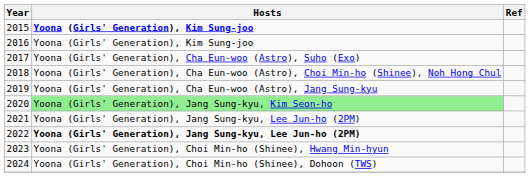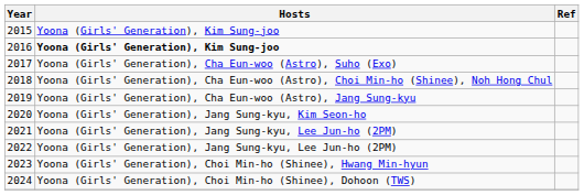 <table class="wikitable">
 <tr>
 <th>Year</th>
 <th>Hosts</th>
 <th>Ref</th>
 </tr>
 <tr>
 <td>2015</td>
-<td><strong><a href='#'>Yoona</a> (<a href='#'>Girls' Generation</a>), <a href='#'>Kim Sung-joo</a></strong></td>
+<td><a href='#'>Yoona</a> (<a href='#'>Girls' Generation</a>), <a href='#'>Kim Sung-joo</a></td>
 <td></td>
 </tr>
 <tr>
 <td>2016</td>
-<td>Yoona (Girls' Generation), Kim Sung-joo</td>
+<td><strong>Yoona (Girls' Generation), Kim Sung-joo</strong></td>
 <td></td>
 </tr>
 <tr>
 <td>2017</td>
 <td>Yoona (Girls' Generation), <a href='#'>Cha Eun-woo</a> (<a href='#'>Astro</a>), <a href='#'>Suho</a> (<a href='#'>Exo</a>)</td>
 <td></td>
 </tr>
 <tr>
 <td>2018</td>
 <td>Yoona (Girls' Generation), Cha Eun-woo (Astro), <a href='#'>Choi Min-ho</a> (<a href='#'>Shinee</a>), <a href='#'>Noh Hong Chul</a></td>
 <td></td>
 </tr>
 <tr>
 <td>2019</td>
 <td>Yoona (Girls' Generation), Cha Eun-woo (Astro), <a href='#'>Jang Sung-kyu</a></td>
 <td></td>
 </tr>
 <tr>
 <td>2020</td>
-<td style="background: lightgreen;">Yoona (Girls' Generation), Jang Sung-kyu, <a href='#'>Kim Seon-ho</a></td>
+<td>Yoona (Girls' Generation), Jang Sung-kyu, <a href='#'>Kim Seon-ho</a></td>
 <td></td>
 </tr>
 <tr>
 <td>2021</td>
 <td>Yoona (Girls' Generation), Jang Sung-kyu, <a href='#'>Lee Jun-ho</a> (<a href='#'>2PM</a>)</td>
 <td></td>
 </tr>
 <tr>
 <td>2022</td>
-<td><strong>Yoona (Girls' Generation), Jang Sung-kyu, Lee Jun-ho (2PM)</strong></td>
+<td>Yoona (Girls' Generation), Jang Sung-kyu, Lee Jun-ho (2PM)</td>
 <td></td>
 </tr>
 <tr>
 <td>2023</td>
 <td>Yoona (Girls' Generation), Choi Min-ho (Shinee), <a href='#'>Hwang Min-hyun</a></td>
 <td></td>
 </tr>
 <tr>
 <td>2024</td>
 <td>Yoona (Girls' Generation), Choi Min-ho (Shinee), Dohoon (<a href='#'>TWS</a>)</td>
 <td></td>
 </tr>
 <tr>
 </tr>
 </table>
